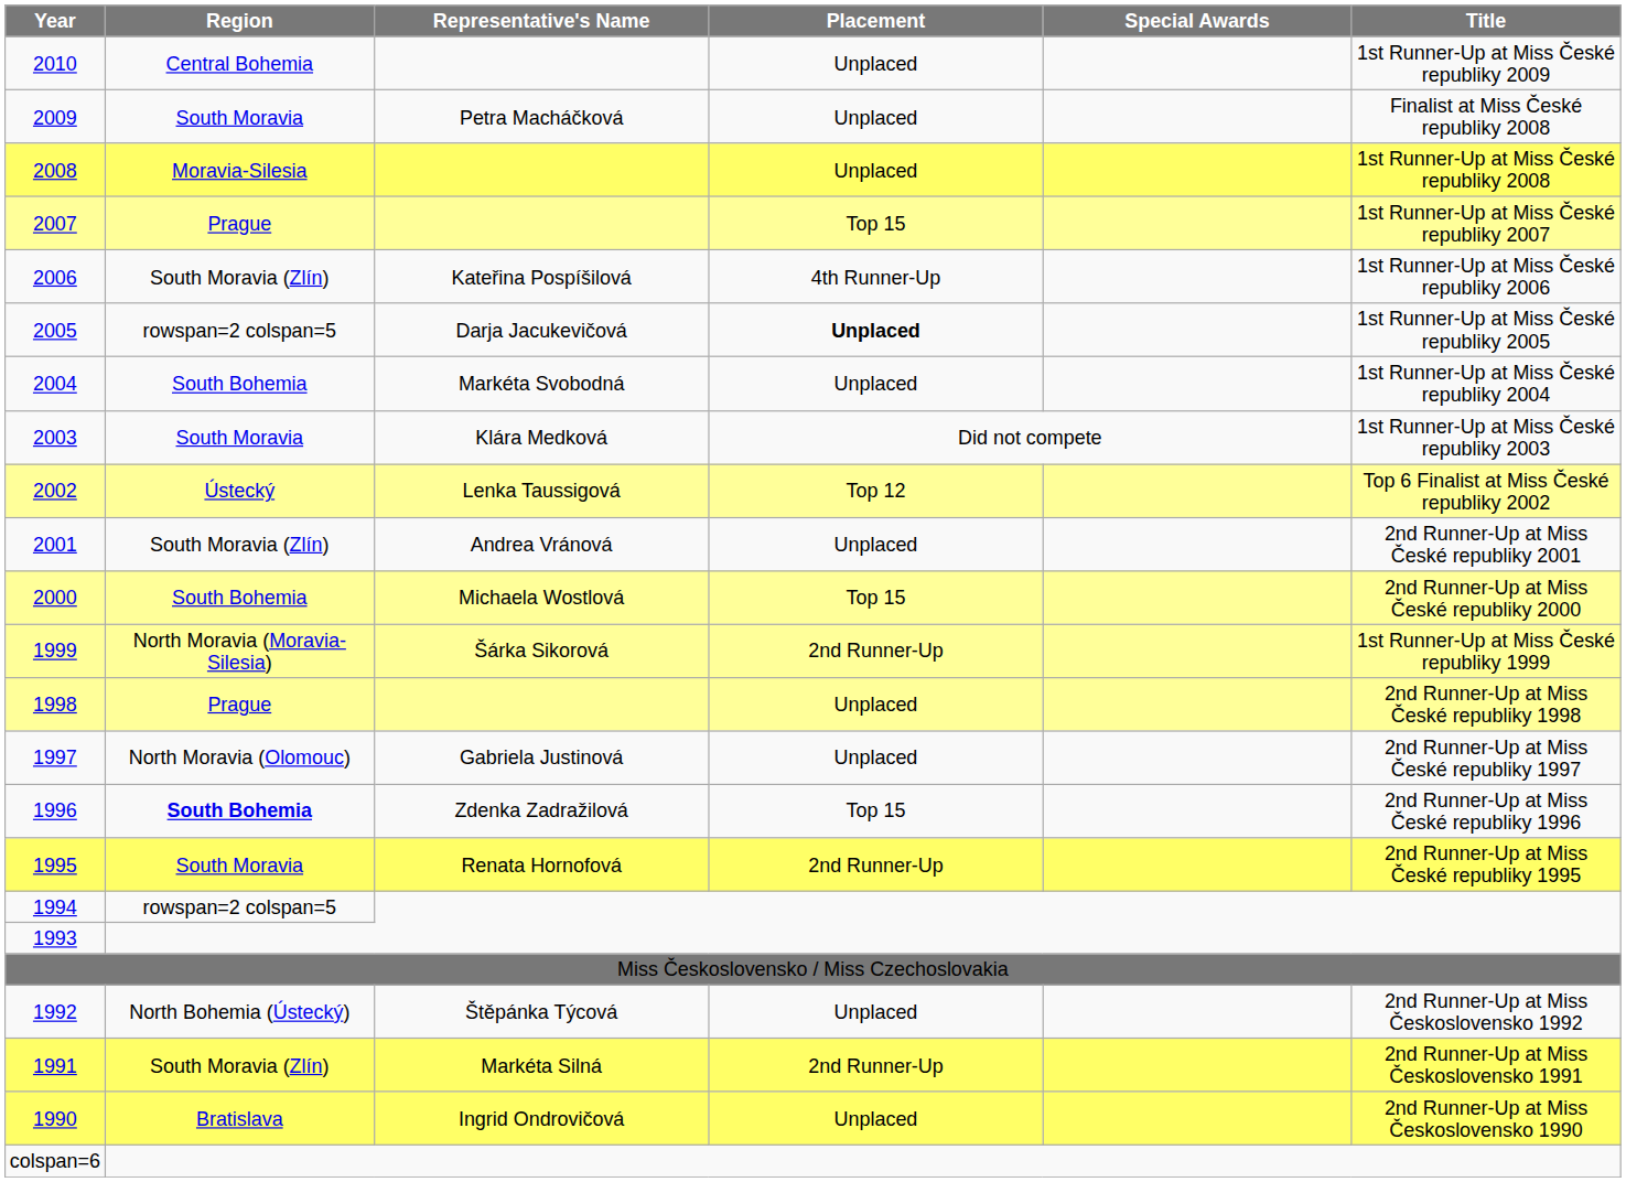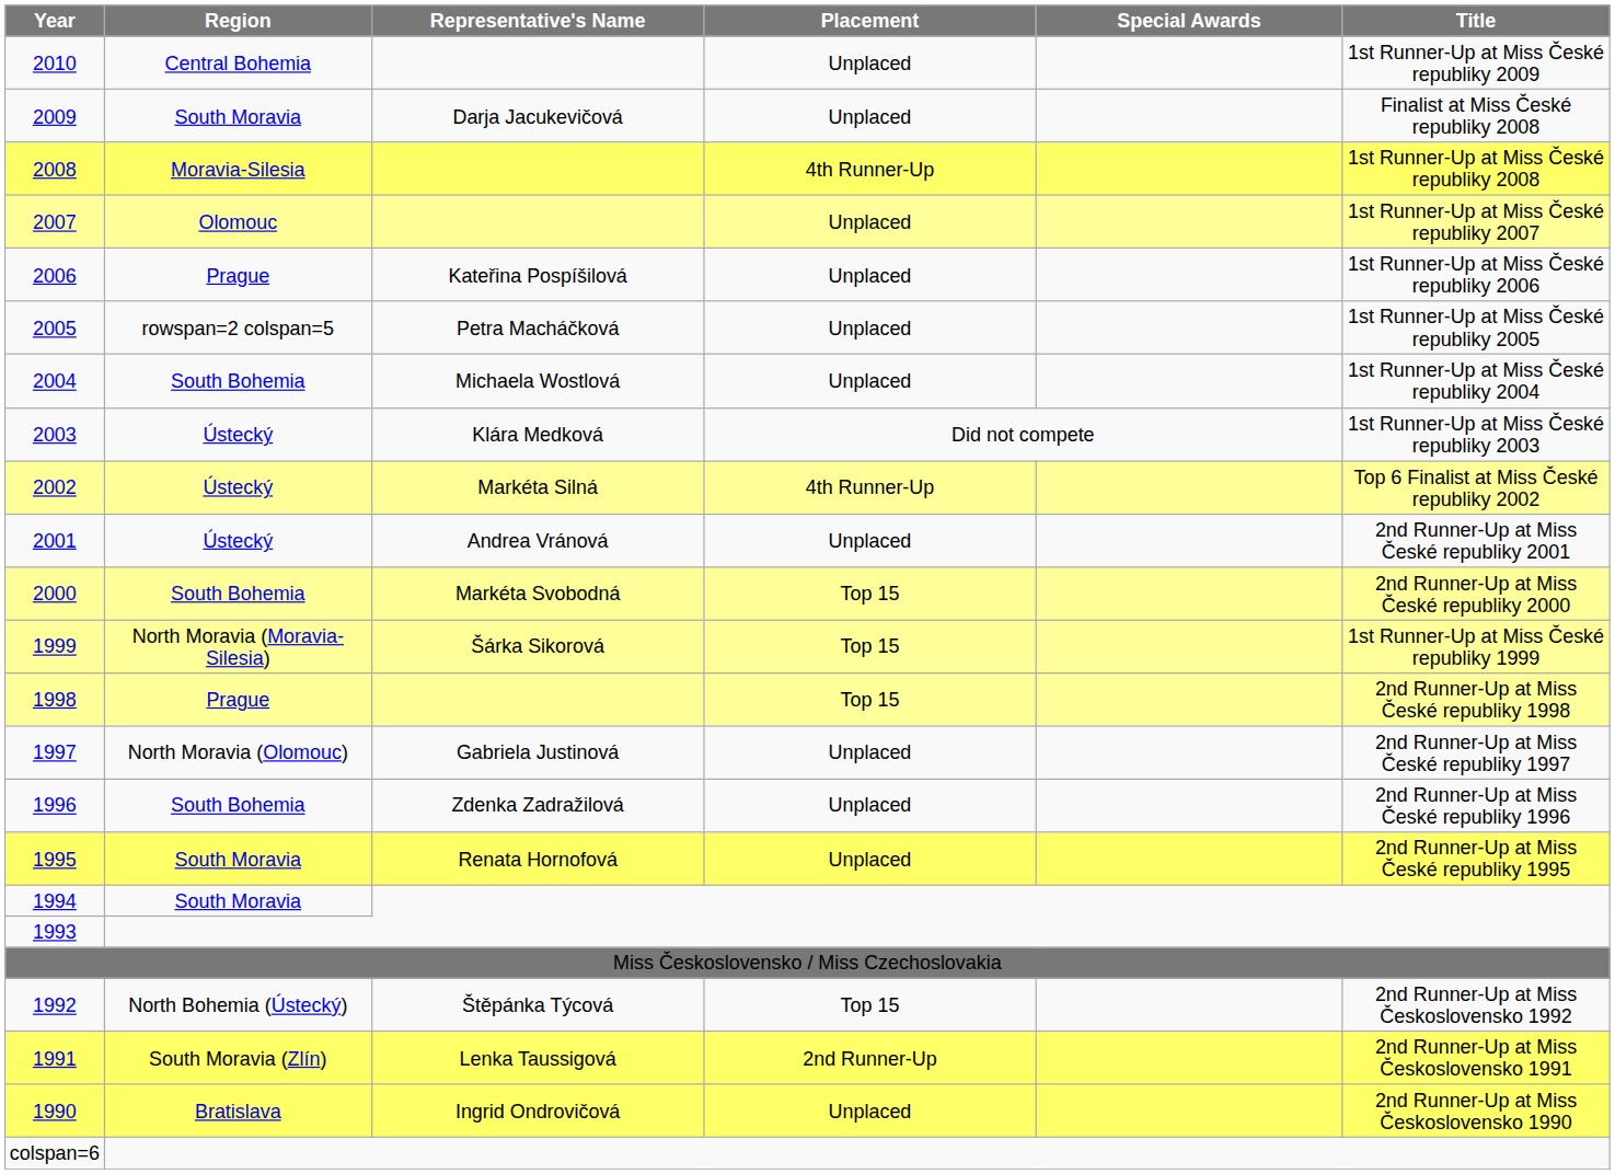 <table class="wikitable sortable" style="font-size: 95%; text-align:center">
 <tr>
 <th width="60" style="background-color:#787878;color:#FFFFFF;">Year</th>
 <th width="200" style="background-color:#787878;color:#FFFFFF;">Region</th>
 <th width="250" style="background-color:#787878;color:#FFFFFF;">Representative's Name</th>
 <th width="250" style="background-color:#787878;color:#FFFFFF;">Placement</th>
 <th width="230" style="background-color:#787878;color:#FFFFFF;">Special Awards</th>
 <th width="200" style="background-color:#787878;color:#FFFFFF;">Title</th>
 </tr>
 <tr>
 <td><a href='#'>2010</a></td>
 <td><a href='#'>Central Bohemia</a></td>
 <td></td>
 <td>Unplaced</td>
 <td></td>
 <td>1st Runner-Up at Miss České republiky 2009</td>
 </tr>
 <tr>
 <td><a href='#'>2009</a></td>
 <td><a href='#'>South Moravia</a></td>
-<td>Petra Macháčková</td>
+<td>Darja Jacukevičová</td>
 <td>Unplaced</td>
 <td></td>
 <td>Finalist at Miss České republiky 2008</td>
 </tr>
 <tr style="background-color:#FFFF66;">
 <td><a href='#'>2008</a></td>
 <td><a href='#'>Moravia-Silesia</a></td>
 <td></td>
-<td>Unplaced</td>
+<td>4th Runner-Up</td>
 <td></td>
 <td>1st Runner-Up at Miss České republiky 2008</td>
 </tr>
 <tr style="background-color:#FFFF99;">
 <td><a href='#'>2007</a></td>
-<td><a href='#'>Prague</a></td>
+<td><a href='#'>Olomouc</a></td>
 <td></td>
-<td>Top 15</td>
+<td>Unplaced</td>
 <td></td>
 <td>1st Runner-Up at Miss České republiky 2007</td>
 </tr>
 <tr>
 <td><a href='#'>2006</a></td>
-<td>South Moravia (<a href='#'>Zlín</a>)</td>
+<td><a href='#'>Prague</a></td>
 <td>Kateřina Pospíšilová</td>
-<td>4th Runner-Up</td>
+<td>Unplaced</td>
 <td></td>
 <td>1st Runner-Up at Miss České republiky 2006</td>
 </tr>
 <tr>
 <td><a href='#'>2005</a></td>
 <td>rowspan=2 colspan=5 </td>
-<td>Darja Jacukevičová</td>
-<td><strong>Unplaced</strong></td>
+<td>Petra Macháčková</td>
+<td>Unplaced</td>
 <td></td>
 <td>1st Runner-Up at Miss České republiky 2005</td>
 </tr>
 <tr>
 <td><a href='#'>2004</a></td>
 <td><a href='#'>South Bohemia</a></td>
-<td>Markéta Svobodná</td>
+<td>Michaela Wostlová</td>
 <td>Unplaced</td>
 <td></td>
 <td>1st Runner-Up at Miss České republiky 2004</td>
 </tr>
 <tr>
 <td><a href='#'>2003</a></td>
-<td><a href='#'>South Moravia</a></td>
+<td><a href='#'>Ústecký</a></td>
 <td>Klára Medková</td>
 <td colspan=2 align=center>Did not compete</td>
 <td>1st Runner-Up at Miss České republiky 2003</td>
 </tr>
 <tr style="background-color:#FFFF99;">
 <td><a href='#'>2002</a></td>
 <td><a href='#'>Ústecký</a></td>
-<td>Lenka Taussigová</td>
-<td>Top 12</td>
+<td>Markéta Silná</td>
+<td>4th Runner-Up</td>
 <td></td>
 <td>Top 6 Finalist at Miss České republiky 2002</td>
 </tr>
 <tr>
 <td><a href='#'>2001</a></td>
-<td>South Moravia (<a href='#'>Zlín</a>)</td>
+<td><a href='#'>Ústecký</a></td>
 <td>Andrea Vránová</td>
 <td>Unplaced</td>
 <td></td>
 <td>2nd Runner-Up at Miss České republiky 2001</td>
 </tr>
 <tr style="background-color:#FFFF99;">
 <td><a href='#'>2000</a></td>
 <td><a href='#'>South Bohemia</a></td>
-<td>Michaela Wostlová</td>
+<td>Markéta Svobodná</td>
 <td>Top 15</td>
 <td></td>
 <td>2nd Runner-Up at Miss České republiky 2000</td>
 </tr>
 <tr style="background-color:#FFFF99;">
 <td><a href='#'>1999</a></td>
 <td>North Moravia (<a href='#'>Moravia-Silesia</a>)</td>
 <td>Šárka Sikorová</td>
-<td>2nd Runner-Up</td>
+<td>Top 15</td>
 <td></td>
 <td>1st Runner-Up at Miss České republiky 1999</td>
 </tr>
 <tr style="background-color:#FFFF99;">
 <td><a href='#'>1998</a></td>
 <td><a href='#'>Prague</a></td>
 <td></td>
-<td>Unplaced</td>
+<td>Top 15</td>
 <td></td>
 <td>2nd Runner-Up at Miss České republiky 1998</td>
 </tr>
 <tr>
 <td><a href='#'>1997</a></td>
 <td>North Moravia (<a href='#'>Olomouc</a>)</td>
 <td>Gabriela Justinová</td>
 <td>Unplaced</td>
 <td></td>
 <td>2nd Runner-Up at Miss České republiky 1997</td>
 </tr>
 <tr>
 <td><a href='#'>1996</a></td>
-<td><strong><a href='#'>South Bohemia</a></strong></td>
+<td><a href='#'>South Bohemia</a></td>
 <td>Zdenka Zadražilová</td>
-<td>Top 15</td>
+<td>Unplaced</td>
 <td></td>
 <td>2nd Runner-Up at Miss České republiky 1996</td>
 </tr>
 <tr style="background-color:#FFFF66;">
 <td><a href='#'>1995</a></td>
 <td><a href='#'>South Moravia</a></td>
 <td>Renata Hornofová</td>
-<td>2nd Runner-Up</td>
+<td>Unplaced</td>
 <td></td>
 <td>2nd Runner-Up at Miss České republiky 1995</td>
 </tr>
 <tr>
 <td><a href='#'>1994</a></td>
-<td>rowspan=2 colspan=5 </td>
+<td><a href='#'>South Moravia</a></td>
 </tr>
 <tr>
 <td><a href='#'>1993</a></td>
 </tr>
 <tr bgcolor="#787878" align="center">
 <td colspan="6"><span>Miss Československo / Miss Czechoslovakia</span></td>
 </tr>
 <tr>
 <td><a href='#'>1992</a></td>
 <td>North Bohemia (<a href='#'>Ústecký</a>)</td>
 <td>Štěpánka Týcová</td>
-<td>Unplaced</td>
+<td>Top 15</td>
 <td></td>
 <td>2nd Runner-Up at Miss Československo 1992</td>
 </tr>
 <tr style="background-color:#FFFF66;">
 <td><a href='#'>1991</a></td>
 <td>South Moravia (<a href='#'>Zlín</a>)</td>
-<td>Markéta Silná</td>
+<td>Lenka Taussigová</td>
 <td>2nd Runner-Up</td>
 <td></td>
 <td>2nd Runner-Up at Miss Československo 1991</td>
 </tr>
 <tr style="background-color:#FFFF66;">
 <td><a href='#'>1990</a></td>
 <td><a href='#'>Bratislava</a></td>
 <td>Ingrid Ondrovičová</td>
 <td>Unplaced</td>
 <td></td>
 <td>2nd Runner-Up at Miss Československo 1990</td>
 </tr>
 <tr>
 <td>colspan=6 </td>
 </tr>
 </table>
